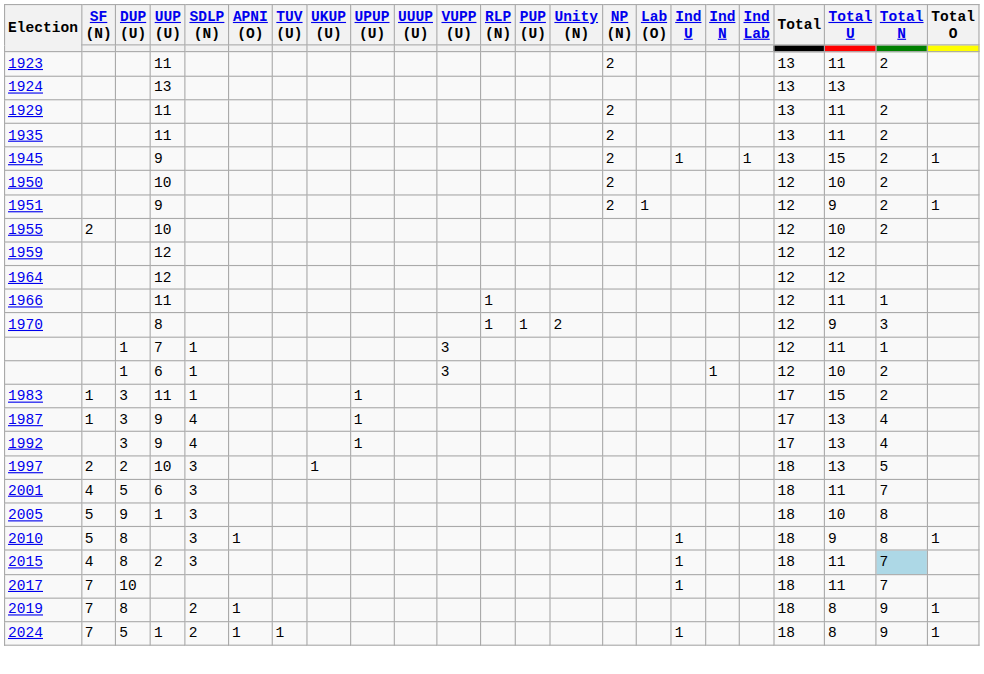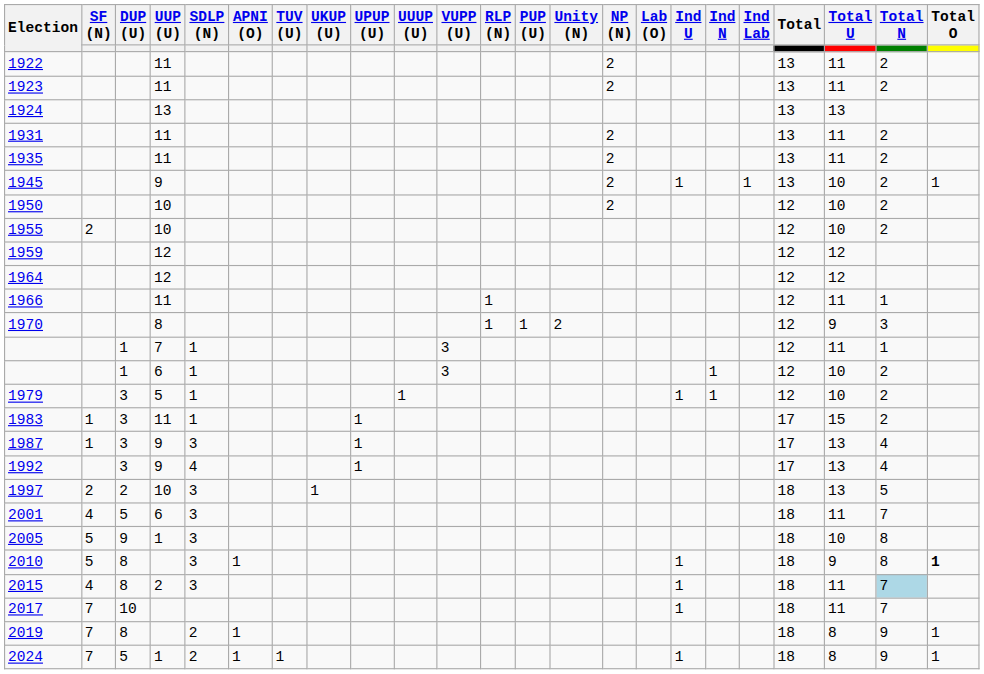 <table class="wikitable">
 <tr>
 <th rowspan=2>Election</th>
 <th><a href='#'>SF</a> (N)</th>
 <th><a href='#'>DUP</a> (U)</th>
 <th><a href='#'>UUP</a> (U)</th>
 <th><a href='#'>SDLP</a> (N)</th>
 <th><a href='#'>APNI</a> (O)</th>
 <th><a href='#'>TUV</a> (U)</th>
 <th><a href='#'>UKUP</a> (U)</th>
 <th><a href='#'>UPUP</a> (U)</th>
 <th><a href='#'>UUUP</a> (U)</th>
 <th><a href='#'>VUPP</a> (U)</th>
 <th><a href='#'>RLP</a> (N)</th>
 <th><a href='#'>PUP</a> (U)</th>
 <th><a href='#'>Unity</a> (N)</th>
 <th><a href='#'>NP</a> (N)</th>
 <th><a href='#'>Lab</a> (O)</th>
 <th><a href='#'>Ind U</a></th>
 <th><a href='#'>Ind N</a></th>
 <th><a href='#'>Ind Lab</a></th>
 <th>Total</th>
 <th><a href='#'>Total U</a></th>
 <th><a href='#'>Total N</a></th>
 <th>Total O</th>
 </tr>
 <tr>
 <th style="background-color: "></th>
 <th style="background-color: "></th>
 <th style="background-color: "></th>
 <th style="background-color: "></th>
 <th style="background-color: "></th>
 <th style="background-color: "></th>
 <th style="background-color: "></th>
 <th style="background-color: "></th>
 <th style="background-color: "></th>
 <th style="background-color: "></th>
 <th style="background-color: "></th>
 <th style="background-color: "></th>
 <th style="background-color: "></th>
 <th style="background-color: "></th>
 <th style="background-color: "></th>
 <th style="background-color: "></th>
 <th style="background-color: "></th>
 <th style="background-color: "></th>
 <th style="background-color: black"></th>
 <th style="background-color: red"></th>
 <th style="background-color: green"></th>
 <th style="background-color: yellow"></th>
+</tr>
+<tr>
+<td><a href='#'>1922</a></td>
+<td></td>
+<td></td>
+<td>11</td>
+<td></td>
+<td></td>
+<td></td>
+<td></td>
+<td></td>
+<td></td>
+<td></td>
+<td></td>
+<td></td>
+<td></td>
+<td>2</td>
+<td></td>
+<td></td>
+<td></td>
+<td></td>
+<td>13</td>
+<td>11</td>
+<td>2</td>
+<td></td>
 </tr>
 <tr>
 <td><a href='#'>1923</a></td>
 <td></td>
 <td></td>
 <td>11</td>
 <td></td>
 <td></td>
 <td></td>
 <td></td>
 <td></td>
 <td></td>
 <td></td>
 <td></td>
 <td></td>
 <td></td>
 <td>2</td>
 <td></td>
 <td></td>
 <td></td>
 <td></td>
 <td>13</td>
 <td>11</td>
 <td>2</td>
 <td></td>
 </tr>
 <tr>
 <td><a href='#'>1924</a></td>
 <td></td>
 <td></td>
 <td>13</td>
 <td></td>
 <td></td>
 <td></td>
 <td></td>
 <td></td>
 <td></td>
 <td></td>
 <td></td>
 <td></td>
 <td></td>
 <td></td>
 <td></td>
 <td></td>
 <td></td>
 <td></td>
 <td>13</td>
 <td>13</td>
 <td></td>
 <td></td>
 </tr>
 <tr>
-<td><a href='#'>1929</a></td>
+<td><a href='#'>1931</a></td>
 <td></td>
 <td></td>
 <td>11</td>
 <td></td>
 <td></td>
 <td></td>
 <td></td>
 <td></td>
 <td></td>
 <td></td>
 <td></td>
 <td></td>
 <td></td>
 <td>2</td>
 <td></td>
 <td></td>
 <td></td>
 <td></td>
 <td>13</td>
 <td>11</td>
 <td>2</td>
 <td></td>
 </tr>
 <tr>
 <td><a href='#'>1935</a></td>
 <td></td>
 <td></td>
 <td>11</td>
 <td></td>
 <td></td>
 <td></td>
 <td></td>
 <td></td>
 <td></td>
 <td></td>
 <td></td>
 <td></td>
 <td></td>
 <td>2</td>
 <td></td>
 <td></td>
 <td></td>
 <td></td>
 <td>13</td>
 <td>11</td>
 <td>2</td>
 <td></td>
 </tr>
 <tr>
 <td><a href='#'>1945</a></td>
 <td></td>
 <td></td>
 <td>9</td>
 <td></td>
 <td></td>
 <td></td>
 <td></td>
 <td></td>
 <td></td>
 <td></td>
 <td></td>
 <td></td>
 <td></td>
 <td>2</td>
 <td></td>
 <td>1</td>
 <td></td>
 <td>1</td>
 <td>13</td>
-<td>15</td>
+<td>10</td>
 <td>2</td>
 <td>1</td>
 </tr>
 <tr>
 <td><a href='#'>1950</a></td>
 <td></td>
 <td></td>
 <td>10</td>
 <td></td>
 <td></td>
 <td></td>
 <td></td>
 <td></td>
 <td></td>
 <td></td>
 <td></td>
 <td></td>
 <td></td>
 <td>2</td>
 <td></td>
 <td></td>
 <td></td>
 <td></td>
 <td>12</td>
 <td>10</td>
 <td>2</td>
 <td></td>
-</tr>
-<tr>
-<td><a href='#'>1951</a></td>
-<td></td>
-<td></td>
-<td>9</td>
-<td></td>
-<td></td>
-<td></td>
-<td></td>
-<td></td>
-<td></td>
-<td></td>
-<td></td>
-<td></td>
-<td></td>
-<td>2</td>
-<td>1</td>
-<td></td>
-<td></td>
-<td></td>
-<td>12</td>
-<td>9</td>
-<td>2</td>
-<td>1</td>
 </tr>
 <tr>
 <td><a href='#'>1955</a></td>
 <td>2</td>
 <td></td>
 <td>10</td>
 <td></td>
 <td></td>
 <td></td>
 <td></td>
 <td></td>
 <td></td>
 <td></td>
 <td></td>
 <td></td>
 <td></td>
 <td></td>
 <td></td>
 <td></td>
 <td></td>
 <td></td>
 <td>12</td>
 <td>10</td>
 <td>2</td>
 <td></td>
 </tr>
 <tr>
 <td><a href='#'>1959</a></td>
 <td></td>
 <td></td>
 <td>12</td>
 <td></td>
 <td></td>
 <td></td>
 <td></td>
 <td></td>
 <td></td>
 <td></td>
 <td></td>
 <td></td>
 <td></td>
 <td></td>
 <td></td>
 <td></td>
 <td></td>
 <td></td>
 <td>12</td>
 <td>12</td>
 <td></td>
 <td></td>
 </tr>
 <tr>
 <td><a href='#'>1964</a></td>
 <td></td>
 <td></td>
 <td>12</td>
 <td></td>
 <td></td>
 <td></td>
 <td></td>
 <td></td>
 <td></td>
 <td></td>
 <td></td>
 <td></td>
 <td></td>
 <td></td>
 <td></td>
 <td></td>
 <td></td>
 <td></td>
 <td>12</td>
 <td>12</td>
 <td></td>
 <td></td>
 </tr>
 <tr>
 <td><a href='#'>1966</a></td>
 <td></td>
 <td></td>
 <td>11</td>
 <td></td>
 <td></td>
 <td></td>
 <td></td>
 <td></td>
 <td></td>
 <td></td>
 <td>1</td>
 <td></td>
 <td></td>
 <td></td>
 <td></td>
 <td></td>
 <td></td>
 <td></td>
 <td>12</td>
 <td>11</td>
 <td>1</td>
 <td></td>
 </tr>
 <tr>
 <td><a href='#'>1970</a></td>
 <td></td>
 <td></td>
 <td>8</td>
 <td></td>
 <td></td>
 <td></td>
 <td></td>
 <td></td>
 <td></td>
 <td></td>
 <td>1</td>
 <td>1</td>
 <td>2</td>
 <td></td>
 <td></td>
 <td></td>
 <td></td>
 <td></td>
 <td>12</td>
 <td>9</td>
 <td>3</td>
 <td></td>
 </tr>
 <tr>
 <td></td>
 <td></td>
 <td>1</td>
 <td>7</td>
 <td>1</td>
 <td></td>
 <td></td>
 <td></td>
 <td></td>
 <td></td>
 <td>3</td>
 <td></td>
 <td></td>
 <td></td>
 <td></td>
 <td></td>
 <td></td>
 <td></td>
 <td></td>
 <td>12</td>
 <td>11</td>
 <td>1</td>
 <td></td>
 </tr>
 <tr>
 <td></td>
 <td></td>
 <td>1</td>
 <td>6</td>
 <td>1</td>
 <td></td>
 <td></td>
 <td></td>
 <td></td>
 <td></td>
 <td>3</td>
 <td></td>
 <td></td>
 <td></td>
 <td></td>
 <td></td>
 <td></td>
 <td>1</td>
 <td></td>
 <td>12</td>
 <td>10</td>
 <td>2</td>
 <td></td>
 </tr>
 <tr>
+<td><a href='#'>1979</a></td>
+<td></td>
+<td>3</td>
+<td>5</td>
+<td>1</td>
+<td></td>
+<td></td>
+<td></td>
+<td></td>
+<td>1</td>
+<td></td>
+<td></td>
+<td></td>
+<td></td>
+<td></td>
+<td></td>
+<td>1</td>
+<td>1</td>
+<td></td>
+<td>12</td>
+<td>10</td>
+<td>2</td>
+<td></td>
+</tr>
+<tr>
 <td><a href='#'>1983</a></td>
 <td>1</td>
 <td>3</td>
 <td>11</td>
 <td>1</td>
 <td></td>
 <td></td>
 <td></td>
 <td>1</td>
 <td></td>
 <td></td>
 <td></td>
 <td></td>
 <td></td>
 <td></td>
 <td></td>
 <td></td>
 <td></td>
 <td></td>
 <td>17</td>
 <td>15</td>
 <td>2</td>
 <td></td>
 </tr>
 <tr>
 <td><a href='#'>1987</a></td>
 <td>1</td>
 <td>3</td>
 <td>9</td>
-<td>4</td>
+<td>3</td>
 <td></td>
 <td></td>
 <td></td>
 <td>1</td>
 <td></td>
 <td></td>
 <td></td>
 <td></td>
 <td></td>
 <td></td>
 <td></td>
 <td></td>
 <td></td>
 <td></td>
 <td>17</td>
 <td>13</td>
 <td>4</td>
 <td></td>
 </tr>
 <tr>
 <td><a href='#'>1992</a></td>
 <td></td>
 <td>3</td>
 <td>9</td>
 <td>4</td>
 <td></td>
 <td></td>
 <td></td>
 <td>1</td>
 <td></td>
 <td></td>
 <td></td>
 <td></td>
 <td></td>
 <td></td>
 <td></td>
 <td></td>
 <td></td>
 <td></td>
 <td>17</td>
 <td>13</td>
 <td>4</td>
 <td></td>
 </tr>
 <tr>
 <td><a href='#'>1997</a></td>
 <td>2</td>
 <td>2</td>
 <td>10</td>
 <td>3</td>
 <td></td>
 <td></td>
 <td>1</td>
 <td></td>
 <td></td>
 <td></td>
 <td></td>
 <td></td>
 <td></td>
 <td></td>
 <td></td>
 <td></td>
 <td></td>
 <td></td>
 <td>18</td>
 <td>13</td>
 <td>5</td>
 <td></td>
 </tr>
 <tr>
 <td><a href='#'>2001</a></td>
 <td>4</td>
 <td>5</td>
 <td>6</td>
 <td>3</td>
 <td></td>
 <td></td>
 <td></td>
 <td></td>
 <td></td>
 <td></td>
 <td></td>
 <td></td>
 <td></td>
 <td></td>
 <td></td>
 <td></td>
 <td></td>
 <td></td>
 <td>18</td>
 <td>11</td>
 <td>7</td>
 <td></td>
 </tr>
 <tr>
 <td><a href='#'>2005</a></td>
 <td>5</td>
 <td>9</td>
 <td>1</td>
 <td>3</td>
 <td></td>
 <td></td>
 <td></td>
 <td></td>
 <td></td>
 <td></td>
 <td></td>
 <td></td>
 <td></td>
 <td></td>
 <td></td>
 <td></td>
 <td></td>
 <td></td>
 <td>18</td>
 <td>10</td>
 <td>8</td>
 <td></td>
 </tr>
 <tr>
 <td><a href='#'>2010</a></td>
 <td>5</td>
 <td>8</td>
 <td></td>
 <td>3</td>
 <td>1</td>
 <td></td>
 <td></td>
 <td></td>
 <td></td>
 <td></td>
 <td></td>
 <td></td>
 <td></td>
 <td></td>
 <td></td>
 <td>1</td>
 <td></td>
 <td></td>
 <td>18</td>
 <td>9</td>
 <td>8</td>
-<td>1</td>
+<td><strong>1</strong></td>
 </tr>
 <tr>
 <td><a href='#'>2015</a></td>
 <td>4</td>
 <td>8</td>
 <td>2</td>
 <td>3</td>
 <td></td>
 <td></td>
 <td></td>
 <td></td>
 <td></td>
 <td></td>
 <td></td>
 <td></td>
 <td></td>
 <td></td>
 <td></td>
 <td>1</td>
 <td></td>
 <td></td>
 <td>18</td>
 <td>11</td>
 <td style="background: lightblue;">7</td>
 <td></td>
 </tr>
 <tr>
 <td><a href='#'>2017</a></td>
 <td>7</td>
 <td>10</td>
 <td></td>
 <td></td>
 <td></td>
 <td></td>
 <td></td>
 <td></td>
 <td></td>
 <td></td>
 <td></td>
 <td></td>
 <td></td>
 <td></td>
 <td></td>
 <td>1</td>
 <td></td>
 <td></td>
 <td>18</td>
 <td>11</td>
 <td>7</td>
 <td></td>
 </tr>
 <tr>
 <td><a href='#'>2019</a></td>
 <td>7</td>
 <td>8</td>
 <td></td>
 <td>2</td>
 <td>1</td>
 <td></td>
 <td></td>
 <td></td>
 <td></td>
 <td></td>
 <td></td>
 <td></td>
 <td></td>
 <td></td>
 <td></td>
 <td></td>
 <td></td>
 <td></td>
 <td>18</td>
 <td>8</td>
 <td>9</td>
 <td>1</td>
 </tr>
 <tr>
 <td><a href='#'>2024</a></td>
 <td>7</td>
 <td>5</td>
 <td>1</td>
 <td>2</td>
 <td>1</td>
 <td>1</td>
 <td></td>
 <td></td>
 <td></td>
 <td></td>
 <td></td>
 <td></td>
 <td></td>
 <td></td>
 <td></td>
 <td>1</td>
 <td></td>
 <td></td>
 <td>18</td>
 <td>8</td>
 <td>9</td>
 <td>1</td>
 </tr>
 </table>
